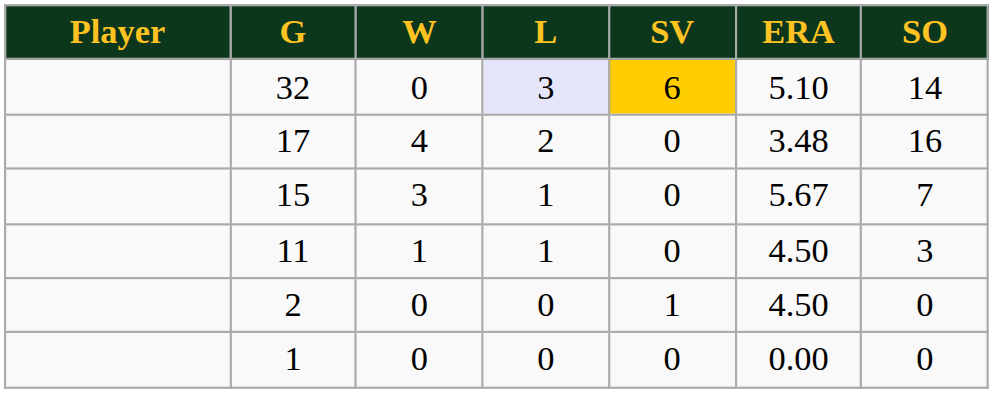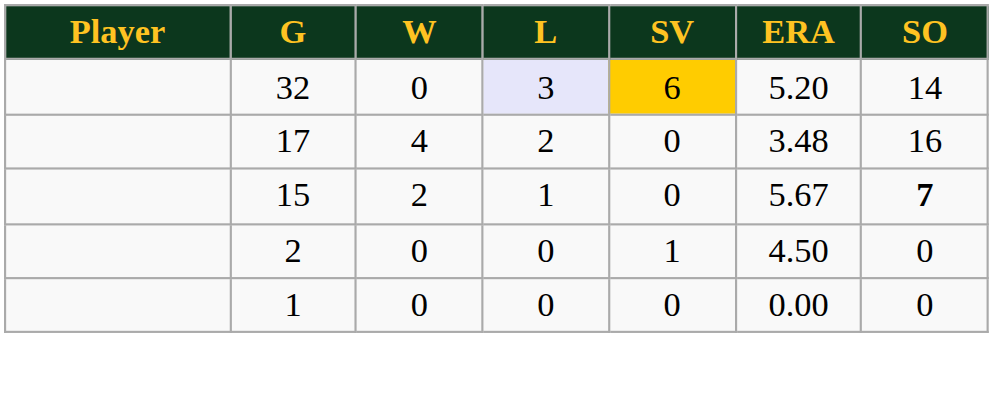 <table class="wikitable sortable">
 <tr>
 <th style="background:#0C371D;color:#ffc322;" width="16%">Player</th>
 <th style="background:#0C371D;color:#ffc322;" width="9%">G</th>
 <th style="background:#0C371D;color:#ffc322;" width="9%">W</th>
 <th style="background:#0C371D;color:#ffc322;" width="9%">L</th>
 <th style="background:#0C371D;color:#ffc322;" width="9%">SV</th>
 <th style="background:#0C371D;color:#ffc322;" width="9%">ERA</th>
 <th style="background:#0C371D;color:#ffc322;" width="9%">SO</th>
 </tr>
 <tr align="center">
 <td></td>
 <td>32</td>
 <td>0</td>
 <td style="background: lavender;">3</td>
 <td style="background:#fc0;">6</td>
-<td>5.10</td>
+<td>5.20</td>
 <td>14</td>
 </tr>
 <tr align="center">
 <td></td>
 <td>17</td>
 <td>4</td>
 <td>2</td>
 <td>0</td>
 <td>3.48</td>
 <td>16</td>
 </tr>
 <tr align="center">
 <td></td>
 <td>15</td>
-<td>3</td>
+<td>2</td>
 <td>1</td>
 <td>0</td>
 <td>5.67</td>
-<td>7</td>
-</tr>
-<tr align="center">
-<td></td>
-<td>11</td>
-<td>1</td>
-<td>1</td>
-<td>0</td>
-<td>4.50</td>
-<td>3</td>
+<td><strong>7</strong></td>
 </tr>
 <tr align="center">
 <td></td>
 <td>2</td>
 <td>0</td>
 <td>0</td>
 <td>1</td>
 <td>4.50</td>
 <td>0</td>
 </tr>
 <tr align="center">
 <td></td>
 <td>1</td>
 <td>0</td>
 <td>0</td>
 <td>0</td>
 <td>0.00</td>
 <td>0</td>
 </tr>
 </table>
